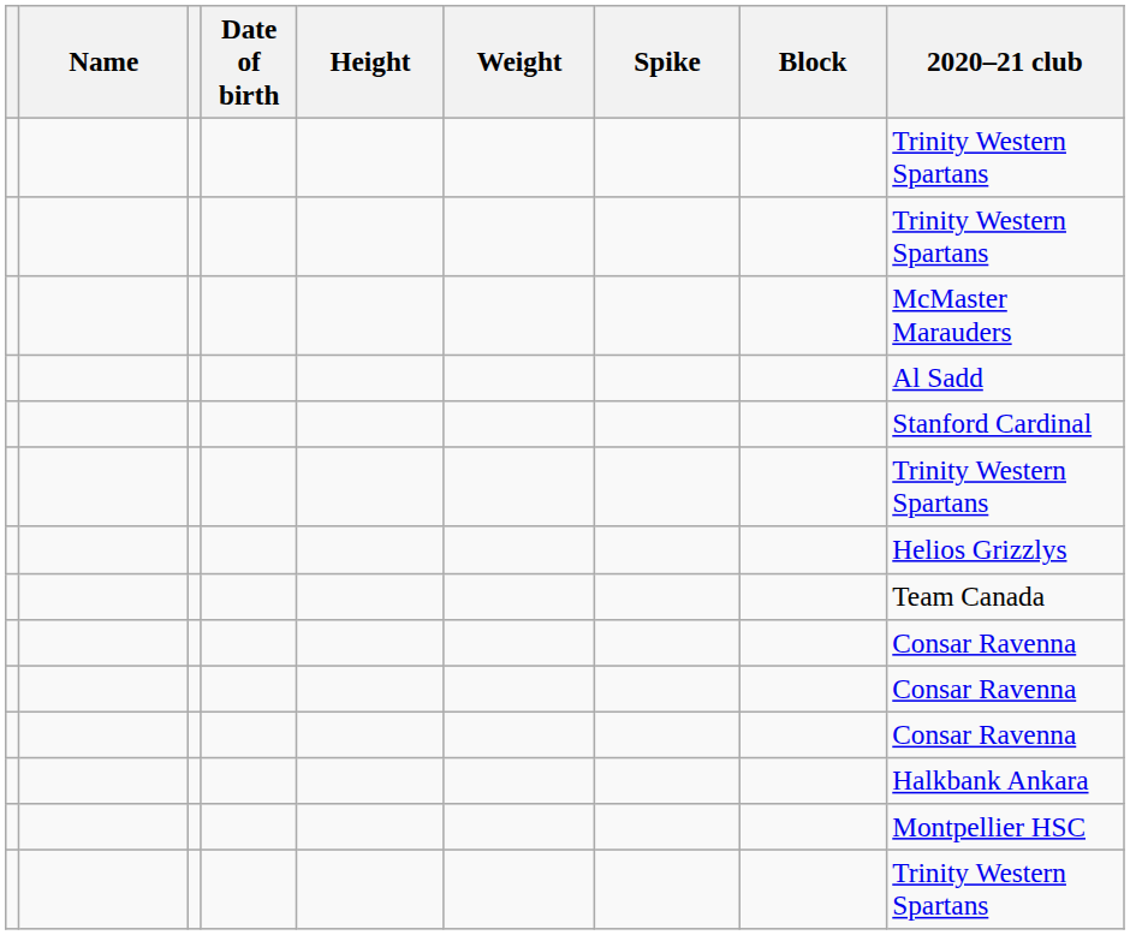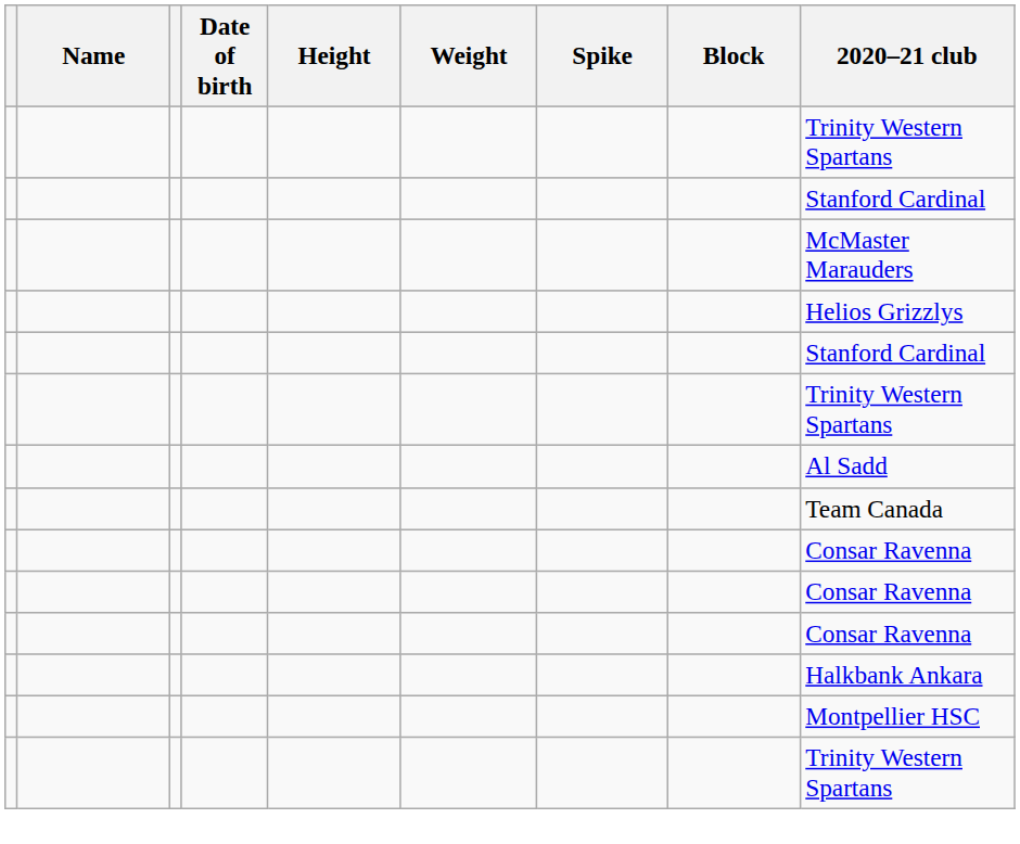 <table class="wikitable sortable" style="font-size:95%; text-align:center;">
 <tr>
 <th></th>
 <th style="width:14em">Name</th>
 <th></th>
 <th style="width:5em">Date of birth</th>
 <th style="width:10em">Height</th>
 <th style="width:10em">Weight</th>
 <th style="width:11em">Spike</th>
 <th style="width:11em">Block</th>
 <th style="width:17em">2020–21 club</th>
 </tr>
 <tr>
 <td></td>
 <td align=left></td>
 <td></td>
 <td align=right></td>
 <td></td>
 <td></td>
 <td></td>
 <td></td>
 <td align=left> <a href='#'>Trinity Western Spartans</a></td>
 </tr>
 <tr>
 <td></td>
 <td align=left></td>
 <td></td>
 <td align=right></td>
 <td></td>
 <td></td>
 <td></td>
 <td></td>
-<td align=left> <a href='#'>Trinity Western Spartans</a></td>
+<td align=left> <a href='#'>Stanford Cardinal</a></td>
 </tr>
 <tr>
 <td></td>
 <td align=left></td>
 <td></td>
 <td align=right></td>
 <td></td>
 <td></td>
 <td></td>
 <td></td>
 <td align=left> <a href='#'>McMaster Marauders</a></td>
 </tr>
 <tr>
 <td></td>
 <td align=left></td>
 <td></td>
 <td align=right></td>
 <td></td>
 <td></td>
 <td></td>
 <td></td>
-<td align=left> <a href='#'>Al Sadd</a></td>
+<td align=left> <a href='#'>Helios Grizzlys</a></td>
 </tr>
 <tr>
 <td></td>
 <td align=left></td>
 <td></td>
 <td align=right></td>
 <td></td>
 <td></td>
 <td></td>
 <td></td>
 <td align=left> <a href='#'>Stanford Cardinal</a></td>
 </tr>
 <tr>
 <td></td>
 <td align=left></td>
 <td></td>
 <td align=right></td>
 <td></td>
 <td></td>
 <td></td>
 <td></td>
 <td align=left> <a href='#'>Trinity Western Spartans</a></td>
 </tr>
 <tr>
 <td></td>
 <td align=left></td>
 <td></td>
 <td align=right></td>
 <td></td>
 <td></td>
 <td></td>
 <td></td>
-<td align=left> <a href='#'>Helios Grizzlys</a></td>
+<td align=left> <a href='#'>Al Sadd</a></td>
 </tr>
 <tr>
 <td></td>
 <td align=left></td>
 <td></td>
 <td align=right></td>
 <td></td>
 <td></td>
 <td></td>
 <td></td>
 <td align=left> Team Canada</td>
 </tr>
 <tr>
 <td></td>
 <td align=left></td>
 <td></td>
 <td align=right></td>
 <td></td>
 <td></td>
 <td></td>
 <td></td>
 <td align=left> <a href='#'>Consar Ravenna</a></td>
 </tr>
 <tr>
 <td></td>
 <td align=left></td>
 <td></td>
 <td align=right></td>
 <td></td>
 <td></td>
 <td></td>
 <td></td>
 <td align=left> <a href='#'>Consar Ravenna</a></td>
 </tr>
 <tr>
 <td></td>
 <td align=left></td>
 <td></td>
 <td align=right></td>
 <td></td>
 <td></td>
 <td></td>
 <td></td>
 <td align=left> <a href='#'>Consar Ravenna</a></td>
 </tr>
 <tr>
 <td></td>
 <td align=left> </td>
 <td></td>
 <td align=right></td>
 <td></td>
 <td></td>
 <td></td>
 <td></td>
 <td align=left> <a href='#'>Halkbank Ankara</a></td>
 </tr>
 <tr>
 <td></td>
 <td align=left></td>
 <td></td>
 <td align=right></td>
 <td></td>
 <td></td>
 <td></td>
 <td></td>
 <td align=left> <a href='#'>Montpellier HSC</a></td>
 </tr>
 <tr>
 <td></td>
 <td align=left></td>
 <td></td>
 <td align=right></td>
 <td></td>
 <td></td>
 <td></td>
 <td></td>
 <td align=left> <a href='#'>Trinity Western Spartans</a></td>
 </tr>
 </table>
